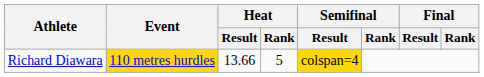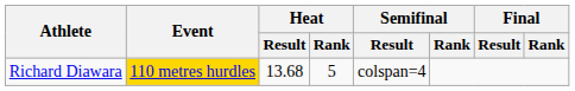 <table class="wikitable" style="font-size:90%">
 <tr>
 <th rowspan="2">Athlete</th>
 <th rowspan="2">Event</th>
 <th colspan="2">Heat</th>
 <th colspan="2">Semifinal</th>
 <th colspan="2">Final</th>
 </tr>
 <tr style="font-size:95%">
 <th>Result</th>
 <th>Rank</th>
 <th>Result</th>
 <th>Rank</th>
 <th>Result</th>
 <th>Rank</th>
 </tr>
 <tr align=center>
 <td align=left><a href='#'>Richard Diawara</a></td>
 <td align=left style="background: gold;"><a href='#'>110 metres hurdles</a></td>
-<td>13.66 </td>
+<td>13.68 </td>
 <td>5</td>
-<td style="background: gold;">colspan=4 </td>
+<td>colspan=4 </td>
 </tr>
 </table>
